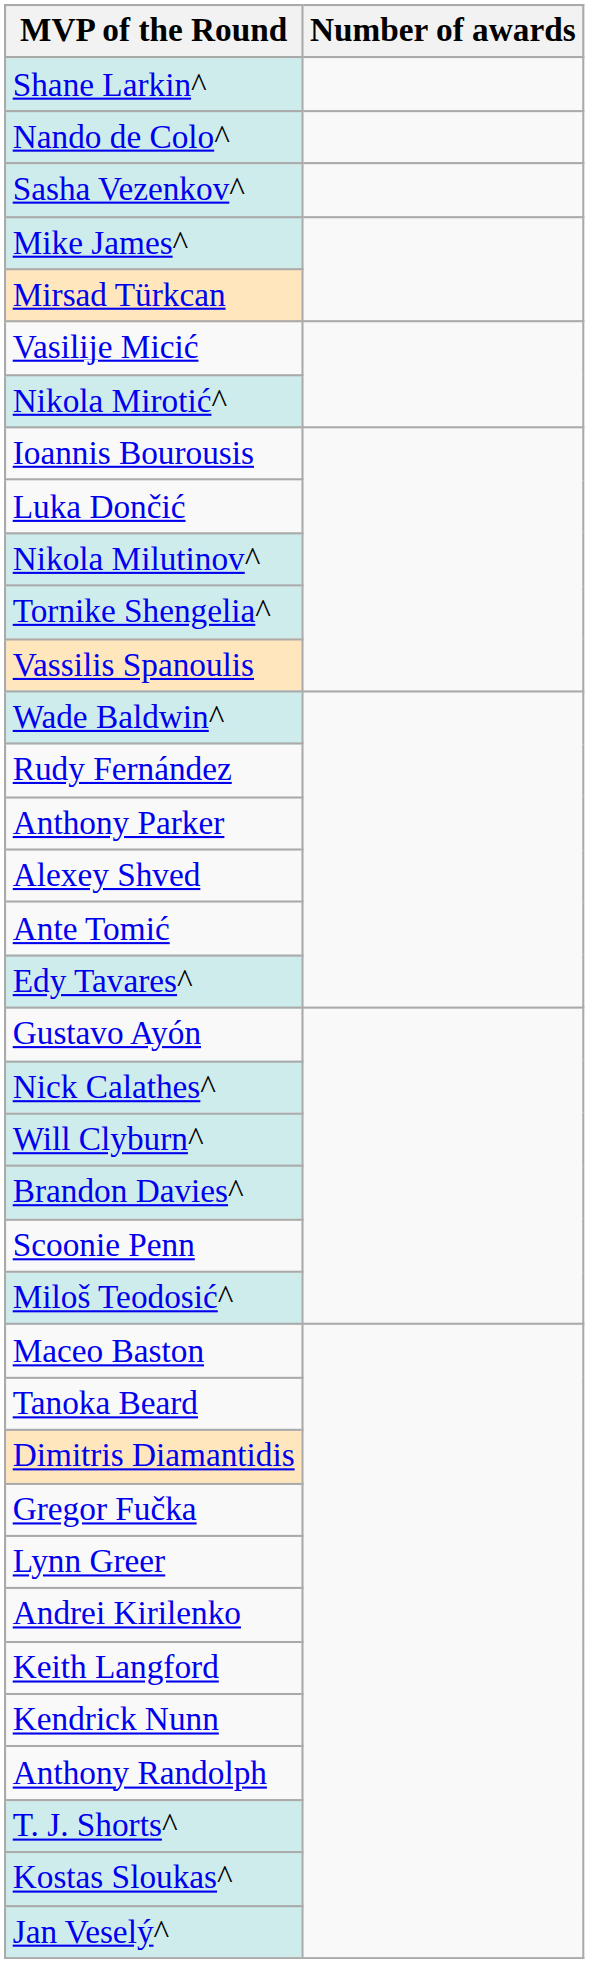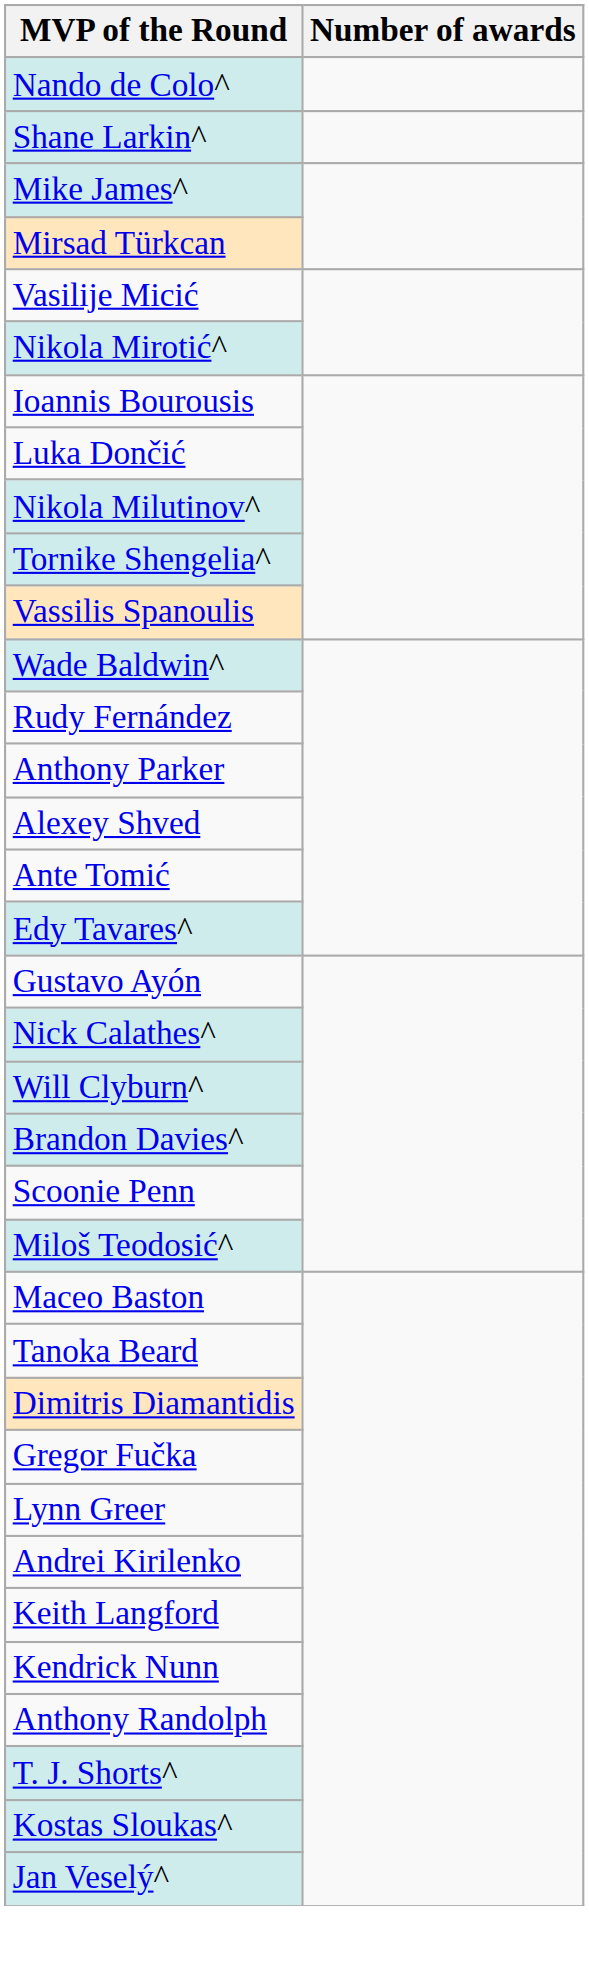 <table class="wikitable sortable">
 <tr>
 <th><strong>MVP of the Round</strong></th>
 <th>Number of awards</th>
 </tr>
 <tr>
-<td style="background:#CFECEC;">  <a href='#'>Shane Larkin</a>^</td>
-<td style="text-align:center;"></td>
-</tr>
-<tr>
 <td style="background:#CFECEC;"> <a href='#'>Nando de Colo</a>^</td>
 <td style="text-align:center;"></td>
 </tr>
 <tr>
-<td style="background:#CFECEC;"> <a href='#'>Sasha Vezenkov</a>^</td>
+<td style="background:#CFECEC;">  <a href='#'>Shane Larkin</a>^</td>
 <td style="text-align:center;"></td>
 </tr>
 <tr>
 <td style="background:#CFECEC;"> <a href='#'>Mike James</a>^</td>
 <td rowspan=2 style="text-align:center;"></td>
 </tr>
 <tr>
 <td style="background:#FFE6BD;"> <a href='#'>Mirsad Türkcan</a></td>
 </tr>
 <tr>
 <td> <a href='#'>Vasilije Micić</a></td>
 <td rowspan=2 style="text-align:center;"></td>
 </tr>
 <tr>
 <td style="background:#CFECEC;"> <a href='#'>Nikola Mirotić</a>^</td>
 </tr>
 <tr>
 <td> <a href='#'>Ioannis Bourousis</a></td>
 <td rowspan="5" style="text-align:center;"></td>
 </tr>
 <tr>
 <td> <a href='#'>Luka Dončić</a></td>
 </tr>
 <tr>
 <td style="background:#CFECEC;"> <a href='#'>Nikola Milutinov</a>^</td>
 </tr>
 <tr>
 <td style="background:#CFECEC;"> <a href='#'>Tornike Shengelia</a>^</td>
 </tr>
 <tr>
 <td style="background:#FFE6BD; "> <a href='#'>Vassilis Spanoulis</a></td>
 </tr>
 <tr>
 <td style="background:#CFECEC;"> <a href='#'>Wade Baldwin</a>^</td>
 <td rowspan="6"></td>
 </tr>
 <tr>
 <td> <a href='#'>Rudy Fernández</a></td>
 </tr>
 <tr>
 <td> <a href='#'>Anthony Parker</a></td>
 </tr>
 <tr>
 <td> <a href='#'>Alexey Shved</a></td>
 </tr>
 <tr>
 <td> <a href='#'>Ante Tomić</a></td>
 </tr>
 <tr>
 <td style="background:#CFECEC;"> <a href='#'>Edy Tavares</a>^</td>
 </tr>
 <tr>
 <td> <a href='#'>Gustavo Ayón</a></td>
 <td rowspan="6" style="text-align:center;"></td>
 </tr>
 <tr>
 <td style="background:#CFECEC;"> <a href='#'>Nick Calathes</a>^</td>
 </tr>
 <tr>
 <td style="background:#CFECEC;"> <a href='#'>Will Clyburn</a>^</td>
 </tr>
 <tr>
 <td style="background:#CFECEC;"> <a href='#'>Brandon Davies</a>^</td>
 </tr>
 <tr>
 <td> <a href='#'>Scoonie Penn</a></td>
 </tr>
 <tr>
 <td style="background:#CFECEC;"> <a href='#'>Miloš Teodosić</a>^</td>
 </tr>
 <tr>
 <td> <a href='#'>Maceo Baston</a></td>
 <td rowspan="12" style="text-align:center;"></td>
 </tr>
 <tr>
 <td> <a href='#'>Tanoka Beard</a></td>
 </tr>
 <tr>
 <td style="background:#FFE6BD; "> <a href='#'>Dimitris Diamantidis</a></td>
 </tr>
 <tr>
 <td> <a href='#'>Gregor Fučka</a></td>
 </tr>
 <tr>
 <td> <a href='#'>Lynn Greer</a></td>
 </tr>
 <tr>
 <td> <a href='#'>Andrei Kirilenko</a></td>
 </tr>
 <tr>
 <td> <a href='#'>Keith Langford</a></td>
 </tr>
 <tr>
 <td> <a href='#'>Kendrick Nunn</a></td>
 </tr>
 <tr>
 <td> <a href='#'>Anthony Randolph</a></td>
 </tr>
 <tr>
 <td style="background:#CFECEC;"> <a href='#'>T. J. Shorts</a>^</td>
 </tr>
 <tr>
 <td style="background:#CFECEC;"> <a href='#'>Kostas Sloukas</a>^</td>
 </tr>
 <tr>
 <td style="background:#CFECEC;"> <a href='#'>Jan Veselý</a>^</td>
 </tr>
 </table>
